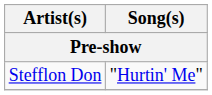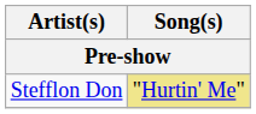 <table class="wikitable">
 <tr>
 <th>Artist(s)</th>
 <th>Song(s)</th>
 </tr>
 <tr>
 <th colspan=2>Pre-show</th>
 </tr>
 <tr>
 <td><a href='#'>Stefflon Don</a></td>
-<td>"<a href='#'>Hurtin' Me</a>"</td>
+<td style="background: khaki;">"<a href='#'>Hurtin' Me</a>"</td>
 </tr>
 <tr>
 </tr>
 </table>
